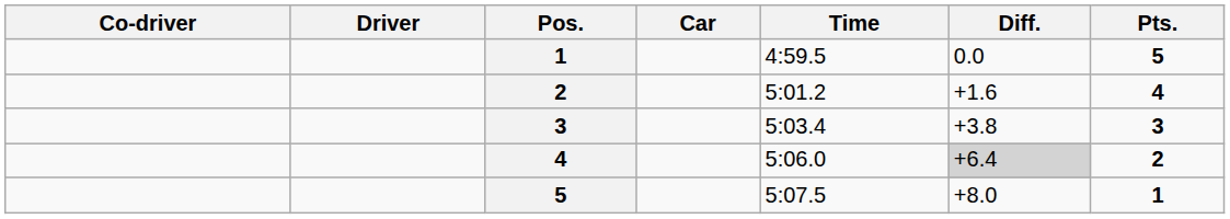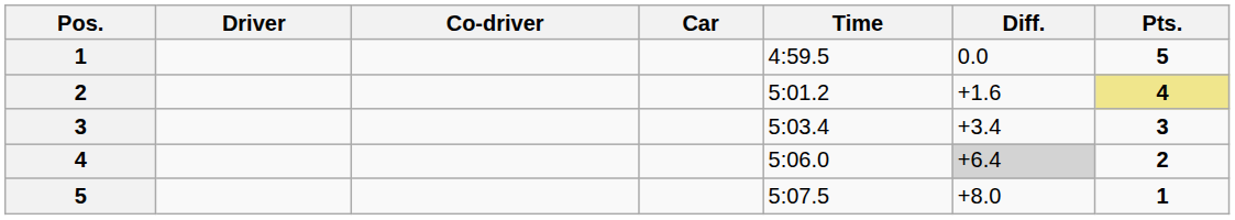 <table class="wikitable" width=60% style="font-size: 85%;">
 <tr>
+<th>Pos.</th>
+<th>Driver</th>
 <th>Co-driver</th>
-<th>Driver</th>
-<th>Pos.</th>
 <th>Car</th>
 <th>Time</th>
 <th>Diff.</th>
 <th>Pts.</th>
 </tr>
 <tr>
+<th>1</th>
 <td></td>
 <td></td>
-<th>1</th>
 <td></td>
 <td>4:59.5</td>
 <td>0.0</td>
 <td align="center"><strong>5</strong></td>
 </tr>
 <tr>
+<th>2</th>
 <td></td>
 <td></td>
-<th>2</th>
 <td></td>
 <td>5:01.2</td>
 <td>+1.6</td>
-<td align="center"><strong>4</strong></td>
+<td align="center" style="background: khaki;"><strong>4</strong></td>
 </tr>
 <tr>
+<th>3</th>
 <td></td>
 <td></td>
-<th>3</th>
 <td></td>
 <td>5:03.4</td>
-<td>+3.8</td>
+<td>+3.4</td>
 <td align="center"><strong>3</strong></td>
 </tr>
 <tr>
+<th>4</th>
 <td></td>
 <td></td>
-<th>4</th>
 <td></td>
 <td>5:06.0</td>
 <td style="background: lightgrey;">+6.4</td>
 <td align="center"><strong>2</strong></td>
 </tr>
 <tr>
+<th>5</th>
 <td></td>
 <td></td>
-<th>5</th>
 <td></td>
 <td>5:07.5</td>
 <td>+8.0</td>
 <td align="center"><strong>1</strong></td>
 </tr>
 </table>
